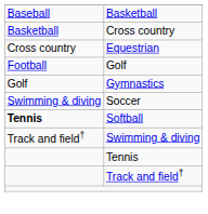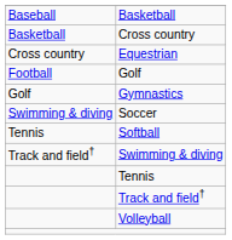 <table class="wikitable" style=" ">
 <tr>
 </tr>
 <tr>
 <td><a href='#'>Baseball</a></td>
 <td><a href='#'>Basketball</a></td>
 </tr>
 <tr>
 <td><a href='#'>Basketball</a></td>
 <td>Cross country</td>
 </tr>
 <tr>
 <td>Cross country</td>
 <td><a href='#'>Equestrian</a></td>
 </tr>
 <tr>
 <td><a href='#'>Football</a></td>
 <td>Golf</td>
 </tr>
 <tr>
 <td>Golf</td>
 <td><a href='#'>Gymnastics</a></td>
 </tr>
 <tr>
 <td><a href='#'>Swimming & diving</a></td>
 <td>Soccer</td>
 </tr>
 <tr>
-<td><strong>Tennis</strong></td>
+<td>Tennis</td>
 <td><a href='#'>Softball</a></td>
 </tr>
 <tr>
 <td>Track and field<sup>†</sup></td>
 <td><a href='#'>Swimming & diving</a></td>
 </tr>
 <tr>
 <td></td>
 <td>Tennis</td>
 </tr>
 <tr>
 <td></td>
 <td><a href='#'>Track and field</a><sup>†</sup></td>
 </tr>
 <tr>
+<td></td>
+<td><a href='#'>Volleyball</a></td>
+</tr>
+<tr>
 <td colspan="2"></td>
 </tr>
 </table>
